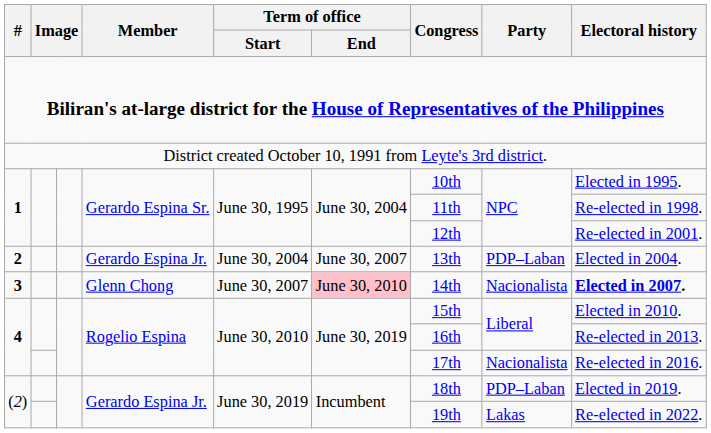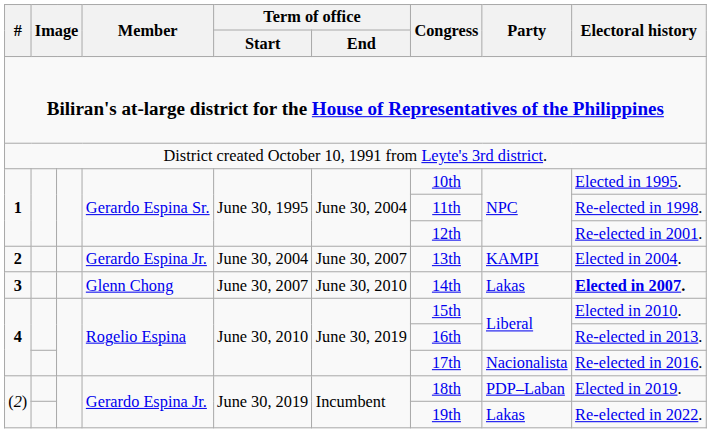 <table class=wikitable>
 <tr>
 <th rowspan="2">#</th>
 <th rowspan="2" colspan=2>Image</th>
 <th rowspan="2">Member</th>
 <th colspan=2>Term of office</th>
 <th rowspan="2">Congress</th>
 <th rowspan="2">Party</th>
 <th rowspan="2">Electoral history</th>
 </tr>
 <tr>
 <th>Start</th>
 <th>End</th>
 </tr>
 <tr>
 <td colspan="9" style="text-align:center;"><br><h3>Biliran's at-large district for the <a href='#'>House of Representatives of the Philippines</a></h3></td>
 </tr>
 <tr>
 <td colspan="9" style="text-align:center;">District created October 10, 1991 from <a href='#'>Leyte's 3rd district</a>.</td>
 </tr>
 <tr>
 <td rowspan="3" style="text-align:center;"><strong>1</strong></td>
 <td rowspan="3" style="color:inherit;background:"></td>
 <td rowspan="3"></td>
 <td rowspan="3"><a href='#'>Gerardo Espina Sr.</a></td>
 <td rowspan="3">June 30, 1995</td>
 <td rowspan="3">June 30, 2004</td>
 <td style="text-align:center;"><a href='#'>10th</a></td>
 <td rowspan="3"><a href='#'>NPC</a></td>
 <td><a href='#'>Elected in 1995</a>.</td>
 </tr>
 <tr>
 <td style="text-align:center;"><a href='#'>11th</a></td>
 <td><a href='#'>Re-elected in 1998</a>.</td>
 </tr>
 <tr>
 <td style="text-align:center;"><a href='#'>12th</a></td>
 <td><a href='#'>Re-elected in 2001</a>.</td>
 </tr>
 <tr>
 <td style="text-align:center;"><strong>2</strong></td>
 <td style="color:inherit;background:"></td>
 <td></td>
 <td><a href='#'>Gerardo Espina Jr.</a></td>
 <td>June 30, 2004</td>
 <td>June 30, 2007</td>
 <td style="text-align:center;"><a href='#'>13th</a></td>
-<td><a href='#'>PDP–Laban</a></td>
+<td><a href='#'>KAMPI</a></td>
 <td><a href='#'>Elected in 2004</a>.</td>
 </tr>
 <tr>
 <td style="text-align:center;"><strong>3</strong></td>
 <td style="color:inherit;background:"></td>
 <td></td>
 <td><a href='#'>Glenn Chong</a></td>
 <td>June 30, 2007</td>
-<td style="background: pink;">June 30, 2010</td>
+<td>June 30, 2010</td>
 <td style="text-align:center;"><a href='#'>14th</a></td>
-<td><a href='#'>Nacionalista</a></td>
+<td><a href='#'>Lakas</a></td>
 <td><strong><a href='#'>Elected in 2007</a>.</strong></td>
 </tr>
 <tr>
 <td rowspan="3" style="text-align:center;"><strong>4</strong></td>
 <td rowspan="2" style="color:inherit;background:"></td>
 <td rowspan="3"></td>
 <td rowspan="3"><a href='#'>Rogelio Espina</a></td>
 <td rowspan="3">June 30, 2010</td>
 <td rowspan="3">June 30, 2019</td>
 <td style="text-align:center;"><a href='#'>15th</a></td>
 <td rowspan="2"><a href='#'>Liberal</a></td>
 <td><a href='#'>Elected in 2010</a>.</td>
 </tr>
 <tr>
 <td style="text-align:center;"><a href='#'>16th</a></td>
 <td><a href='#'>Re-elected in 2013</a>.</td>
 </tr>
 <tr>
 <td style="color:inherit;background:"></td>
 <td style="text-align:center;"><a href='#'>17th</a></td>
 <td><a href='#'>Nacionalista</a></td>
 <td><a href='#'>Re-elected in 2016</a>.</td>
 </tr>
 <tr>
 <td rowspan="2" style="text-align:center;">(<em>2</em>)</td>
 <td style="color:inherit;background:"></td>
 <td rowspan="2"></td>
 <td rowspan="2"><a href='#'>Gerardo Espina Jr.</a></td>
 <td rowspan="2">June 30, 2019</td>
 <td rowspan="2">Incumbent</td>
 <td style="text-align:center;"><a href='#'>18th</a></td>
 <td><a href='#'>PDP–Laban</a></td>
 <td><a href='#'>Elected in 2019</a>.</td>
 </tr>
 <tr>
 <td style="color:inherit;background:"></td>
 <td style="text-align:center;"><a href='#'>19th</a></td>
 <td><a href='#'>Lakas</a></td>
 <td><a href='#'>Re-elected in 2022</a>.</td>
 </tr>
 </table>
